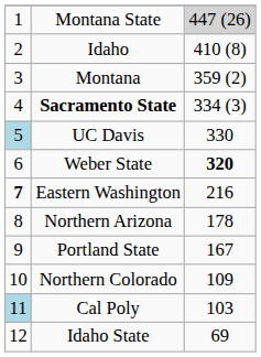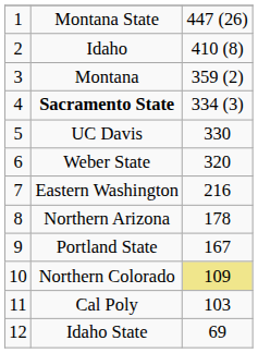 <table class="wikitable" style="display: inline-table;">
 <tr align="center">
 </tr>
 <tr align="center">
 <td>1</td>
 <td>Montana State</td>
-<td style="background: lightgrey;">447 (26)</td>
+<td>447 (26)</td>
 </tr>
 <tr align="center">
 <td>2</td>
 <td>Idaho</td>
 <td>410 (8)</td>
 </tr>
 <tr align="center">
 <td>3</td>
 <td>Montana</td>
 <td>359 (2)</td>
 </tr>
 <tr align="center">
 <td>4</td>
 <td><strong>Sacramento State</strong></td>
 <td>334 (3)</td>
 </tr>
 <tr align="center">
-<td style="background: lightblue;">5</td>
+<td>5</td>
 <td>UC Davis</td>
 <td>330</td>
 </tr>
 <tr align="center">
 <td>6</td>
 <td>Weber State</td>
-<td><strong>320</strong></td>
+<td>320</td>
 </tr>
 <tr align="center">
-<td><strong>7</strong></td>
+<td>7</td>
 <td>Eastern Washington</td>
 <td>216</td>
 </tr>
 <tr align="center">
 <td>8</td>
 <td>Northern Arizona</td>
 <td>178</td>
 </tr>
 <tr align="center">
 <td>9</td>
 <td>Portland State</td>
 <td>167</td>
 </tr>
 <tr align="center">
 <td>10</td>
 <td>Northern Colorado</td>
-<td>109</td>
+<td style="background: khaki;">109</td>
 </tr>
 <tr align="center">
-<td style="background: lightblue;">11</td>
+<td>11</td>
 <td>Cal Poly</td>
 <td>103</td>
 </tr>
 <tr align="center">
 <td>12</td>
 <td>Idaho State</td>
 <td>69</td>
 </tr>
 </table>
